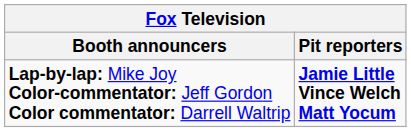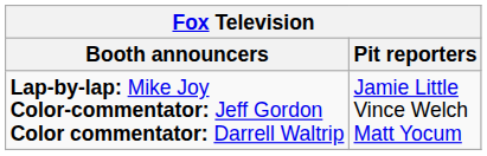 <table class="wikitable" style="font-size: 95%">
 <tr>
 <th colspan="2"><a href='#'>Fox</a> Television</th>
 </tr>
 <tr>
 <th>Booth announcers</th>
 <th>Pit reporters</th>
 </tr>
 <tr>
 <td><strong>Lap-by-lap:</strong> <a href='#'>Mike Joy</a><br><strong>Color-commentator:</strong> <a href='#'>Jeff Gordon</a><br><strong>Color commentator:</strong> <a href='#'>Darrell Waltrip</a></td>
-<td><strong><a href='#'>Jamie Little</a><br>Vince Welch<br><a href='#'>Matt Yocum</a></strong></td>
+<td><a href='#'>Jamie Little</a><br>Vince Welch<br><a href='#'>Matt Yocum</a></td>
 </tr>
 </table>
